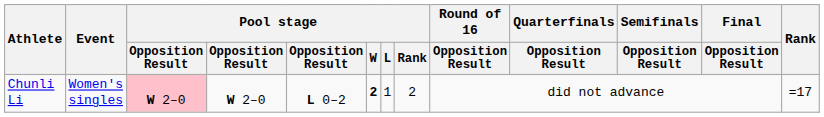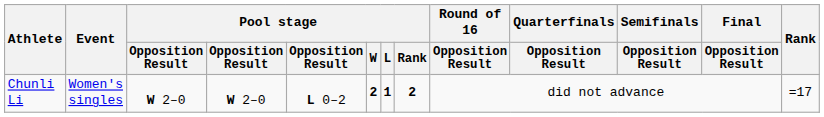 <table class="wikitable" style="font-size:90%;text-align:center;">
 <tr>
 <th rowspan=2>Athlete</th>
 <th rowspan=2>Event</th>
 <th colspan=6>Pool stage</th>
 <th>Round of 16</th>
 <th>Quarterfinals</th>
 <th>Semifinals</th>
 <th>Final</th>
 <th rowspan=2>Rank</th>
 </tr>
 <tr style="font-size:95%">
 <th>Opposition<br>Result</th>
 <th>Opposition<br>Result</th>
 <th>Opposition<br>Result</th>
 <th>W</th>
 <th>L</th>
 <th>Rank</th>
 <th>Opposition<br>Result</th>
 <th>Opposition<br>Result</th>
 <th>Opposition<br>Result</th>
 <th>Opposition<br>Result</th>
 </tr>
 <tr>
 <td align=left><a href='#'>Chunli Li</a></td>
 <td align=left><a href='#'>Women's singles</a></td>
-<td style="background: pink;"><br><strong>W</strong> 2–0</td>
+<td><br><strong>W</strong> 2–0</td>
 <td><br><strong>W</strong> 2–0</td>
 <td><br><strong>L</strong> 0–2</td>
 <td><strong>2</strong></td>
-<td>1</td>
-<td>2</td>
+<td><strong>1</strong></td>
+<td><strong>2</strong></td>
 <td colspan=4>did not advance</td>
 <td>=17</td>
 </tr>
 </table>
